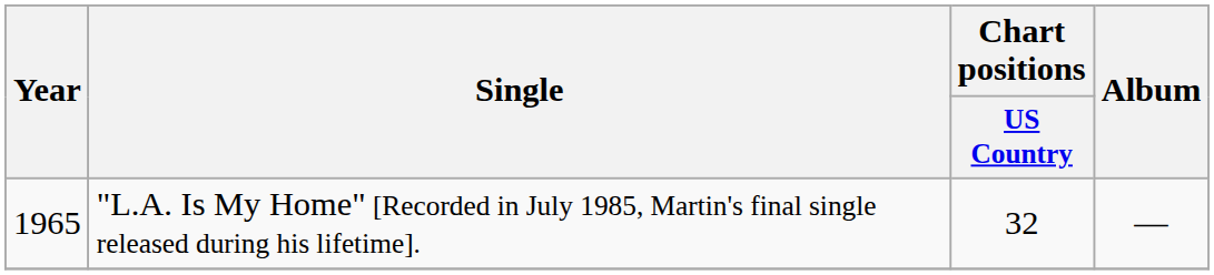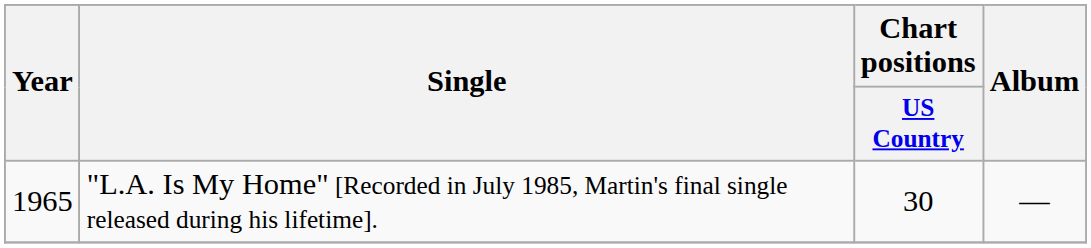 <table class="wikitable" style="text-align:center;">
 <tr>
 <th rowspan="2">Year</th>
 <th width="400" rowspan="2">Single</th>
 <th colspan="1">Chart positions</th>
 <th rowspan="2">Album</th>
 </tr>
 <tr style="font-size:smaller;">
 <th width="40"><a href='#'>US Country</a><br></th>
 </tr>
 <tr>
 <td>1965</td>
 <td align="left">"L.A. Is My Home"<small> [Recorded in July 1985, Martin's final single released during his lifetime].</small></td>
-<td>32</td>
+<td>30</td>
 <td rowspan="1">—</td>
 </tr>
 <tr>
 </tr>
 </table>
